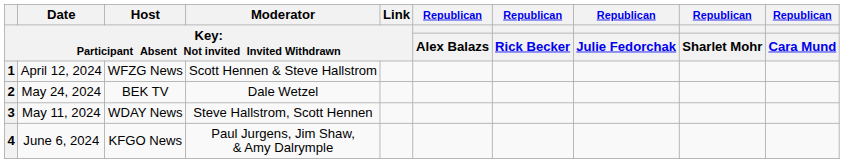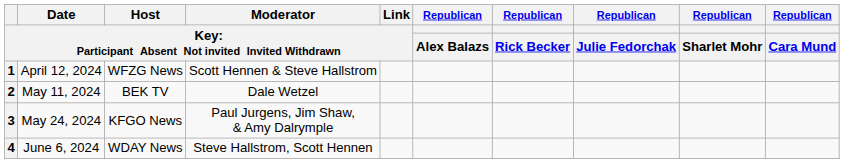 <table class="wikitable" style="text-align:center;">
 <tr>
 <th scope="col"></th>
 <th scope="col">Date</th>
 <th scope="col">Host</th>
 <th scope="col">Moderator</th>
 <th scope="col">Link</th>
 <th scope="col"><small><a href='#'>Republican</a></small></th>
 <th scope="col"><small><a href='#'>Republican</a></small></th>
 <th scope="col"><small><a href='#'>Republican</a></small></th>
 <th scope="col"><small><a href='#'>Republican</a></small></th>
 <th scope="col"><small><a href='#'>Republican</a></small></th>
 </tr>
 <tr>
 <th colspan="5" rowspan="2">Key:<br> <small>Participant </small>  <small>Absent </small>  <small>Not invited </small>  <small>Invited  Withdrawn</small></th>
 <th scope="col" style="background:"></th>
 <th scope="col" style="background:"></th>
 <th scope="col" style="background:"></th>
 <th scope="col" style="background:"></th>
 <th scope="col" style="background:"></th>
 </tr>
 <tr>
 <th scope="col">Alex Balazs</th>
 <th scope="col"><a href='#'>Rick Becker</a></th>
 <th scope="col"><a href='#'>Julie Fedorchak</a></th>
 <th scope="col">Sharlet Mohr</th>
 <th scope="col"><a href='#'>Cara Mund</a></th>
 </tr>
 <tr>
 <th>1</th>
 <td style="white-space:nowrap;">April 12, 2024</td>
 <td style="white-space:nowrap;">WFZG News</td>
 <td style="white-space:nowrap;">Scott Hennen & Steve Hallstrom</td>
 <td style="white-space:nowrap;"></td>
 <td></td>
 <td></td>
 <td></td>
 <td></td>
 <td></td>
 </tr>
 <tr>
 <th>2</th>
-<td style="white-space:nowrap;">May 24, 2024</td>
+<td style="white-space:nowrap;">May 11, 2024</td>
 <td style="white-space:nowrap;">BEK TV</td>
 <td style="white-space:nowrap;">Dale Wetzel</td>
 <td style="white-space:nowrap;"></td>
 <td></td>
 <td></td>
 <td></td>
 <td></td>
 <td></td>
 </tr>
 <tr>
 <th>3</th>
-<td style="white-space:nowrap;">May 11, 2024</td>
-<td style="white-space:nowrap;">WDAY News</td>
-<td style="white-space:nowrap;">Steve Hallstrom, Scott Hennen</td>
+<td style="white-space:nowrap;">May 24, 2024</td>
+<td style="white-space:nowrap;">KFGO News</td>
+<td style="white-space:nowrap;">Paul Jurgens, Jim Shaw, <br>& Amy Dalrymple</td>
 <td style="white-space:nowrap;"></td>
 <td></td>
 <td></td>
 <td></td>
 <td></td>
 <td></td>
 </tr>
 <tr>
 <th>4</th>
 <td style="white-space:nowrap;">June 6, 2024</td>
-<td style="white-space:nowrap;">KFGO News</td>
-<td style="white-space:nowrap;">Paul Jurgens, Jim Shaw, <br>& Amy Dalrymple</td>
+<td style="white-space:nowrap;">WDAY News</td>
+<td style="white-space:nowrap;">Steve Hallstrom, Scott Hennen</td>
 <td style="white-space:nowrap;"></td>
 <td></td>
 <td></td>
 <td></td>
 <td></td>
 <td></td>
 </tr>
 </table>
